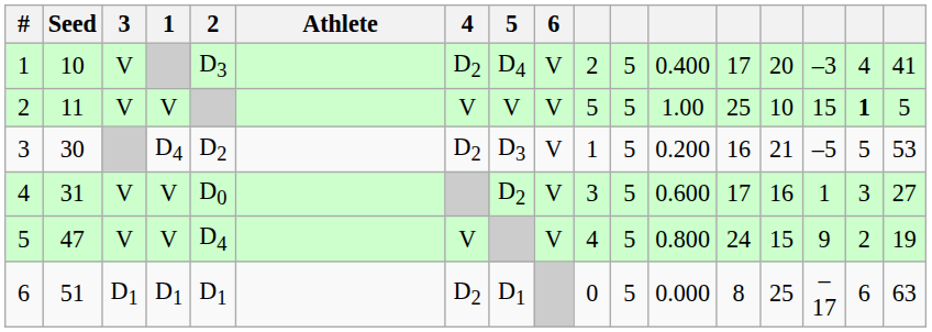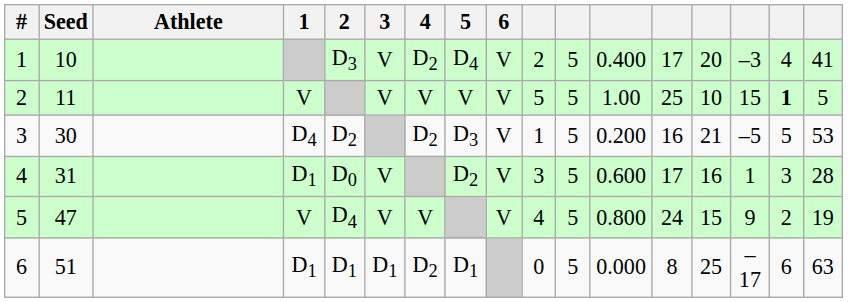 <table class="wikitable" style="text-align:center">
 <tr>
 <th width="25">#</th>
 <th width="25">Seed</th>
-<th width="25">3</th>
+<th width="200">Athlete</th>
 <th width="25">1</th>
 <th width="25">2</th>
-<th width="200">Athlete</th>
+<th width="25">3</th>
 <th width="25">4</th>
 <th width="25">5</th>
 <th width="25">6</th>
 <th width="25"></th>
 <th width="25"></th>
 <th width="40"></th>
 <th width="25"></th>
 <th width="25"></th>
 <th width="25"></th>
 <th width="25"></th>
 <th width="25"></th>
 </tr>
 <tr bgcolor="#ccffcc">
 <td>1</td>
 <td>10</td>
-<td>V</td>
+<td align=left></td>
 <td bgcolor="#cccccc"></td>
 <td>D<sub>3</sub></td>
-<td align=left></td>
+<td>V</td>
 <td>D<sub>2</sub></td>
 <td>D<sub>4</sub></td>
 <td>V</td>
 <td>2</td>
 <td>5</td>
 <td>0.400</td>
 <td>17</td>
 <td>20</td>
 <td>–3</td>
 <td>4</td>
 <td>41</td>
 </tr>
 <tr bgcolor="#ccffcc">
 <td>2</td>
 <td>11</td>
-<td>V</td>
+<td align=left></td>
 <td>V</td>
 <td bgcolor="#cccccc"></td>
-<td align=left></td>
+<td>V</td>
 <td>V</td>
 <td>V</td>
 <td>V</td>
 <td>5</td>
 <td>5</td>
 <td>1.00</td>
 <td>25</td>
 <td>10</td>
 <td>15</td>
 <td><strong>1</strong></td>
 <td>5</td>
 </tr>
 <tr>
 <td>3</td>
 <td>30</td>
-<td bgcolor="#cccccc"></td>
+<td align=left></td>
 <td>D<sub>4</sub></td>
 <td>D<sub>2</sub></td>
-<td align=left></td>
+<td bgcolor="#cccccc"></td>
 <td>D<sub>2</sub></td>
 <td>D<sub>3</sub></td>
 <td>V</td>
 <td>1</td>
 <td>5</td>
 <td>0.200</td>
 <td>16</td>
 <td>21</td>
 <td>–5</td>
 <td>5</td>
 <td>53</td>
 </tr>
 <tr bgcolor="#ccffcc">
 <td>4</td>
 <td>31</td>
+<td align=left></td>
+<td>D<sub>1</sub></td>
+<td>D<sub>0</sub></td>
 <td>V</td>
-<td>V</td>
-<td>D<sub>0</sub></td>
-<td align=left></td>
 <td bgcolor="#cccccc"></td>
 <td>D<sub>2</sub></td>
 <td>V</td>
 <td>3</td>
 <td>5</td>
 <td>0.600</td>
 <td>17</td>
 <td>16</td>
 <td>1</td>
 <td>3</td>
-<td>27</td>
+<td>28</td>
 </tr>
 <tr bgcolor="#ccffcc">
 <td>5</td>
 <td>47</td>
-<td>V</td>
+<td align=left></td>
 <td>V</td>
 <td>D<sub>4</sub></td>
-<td align=left></td>
+<td>V</td>
 <td>V</td>
 <td bgcolor="#cccccc"></td>
 <td>V</td>
 <td>4</td>
 <td>5</td>
 <td>0.800</td>
 <td>24</td>
 <td>15</td>
 <td>9</td>
 <td>2</td>
 <td>19</td>
 </tr>
 <tr>
 <td>6</td>
 <td>51</td>
+<td align=left></td>
 <td>D<sub>1</sub></td>
 <td>D<sub>1</sub></td>
 <td>D<sub>1</sub></td>
-<td align=left></td>
 <td>D<sub>2</sub></td>
 <td>D<sub>1</sub></td>
 <td bgcolor="#cccccc"></td>
 <td>0</td>
 <td>5</td>
 <td>0.000</td>
 <td>8</td>
 <td>25</td>
 <td>–17</td>
 <td>6</td>
 <td>63</td>
 </tr>
 </table>
